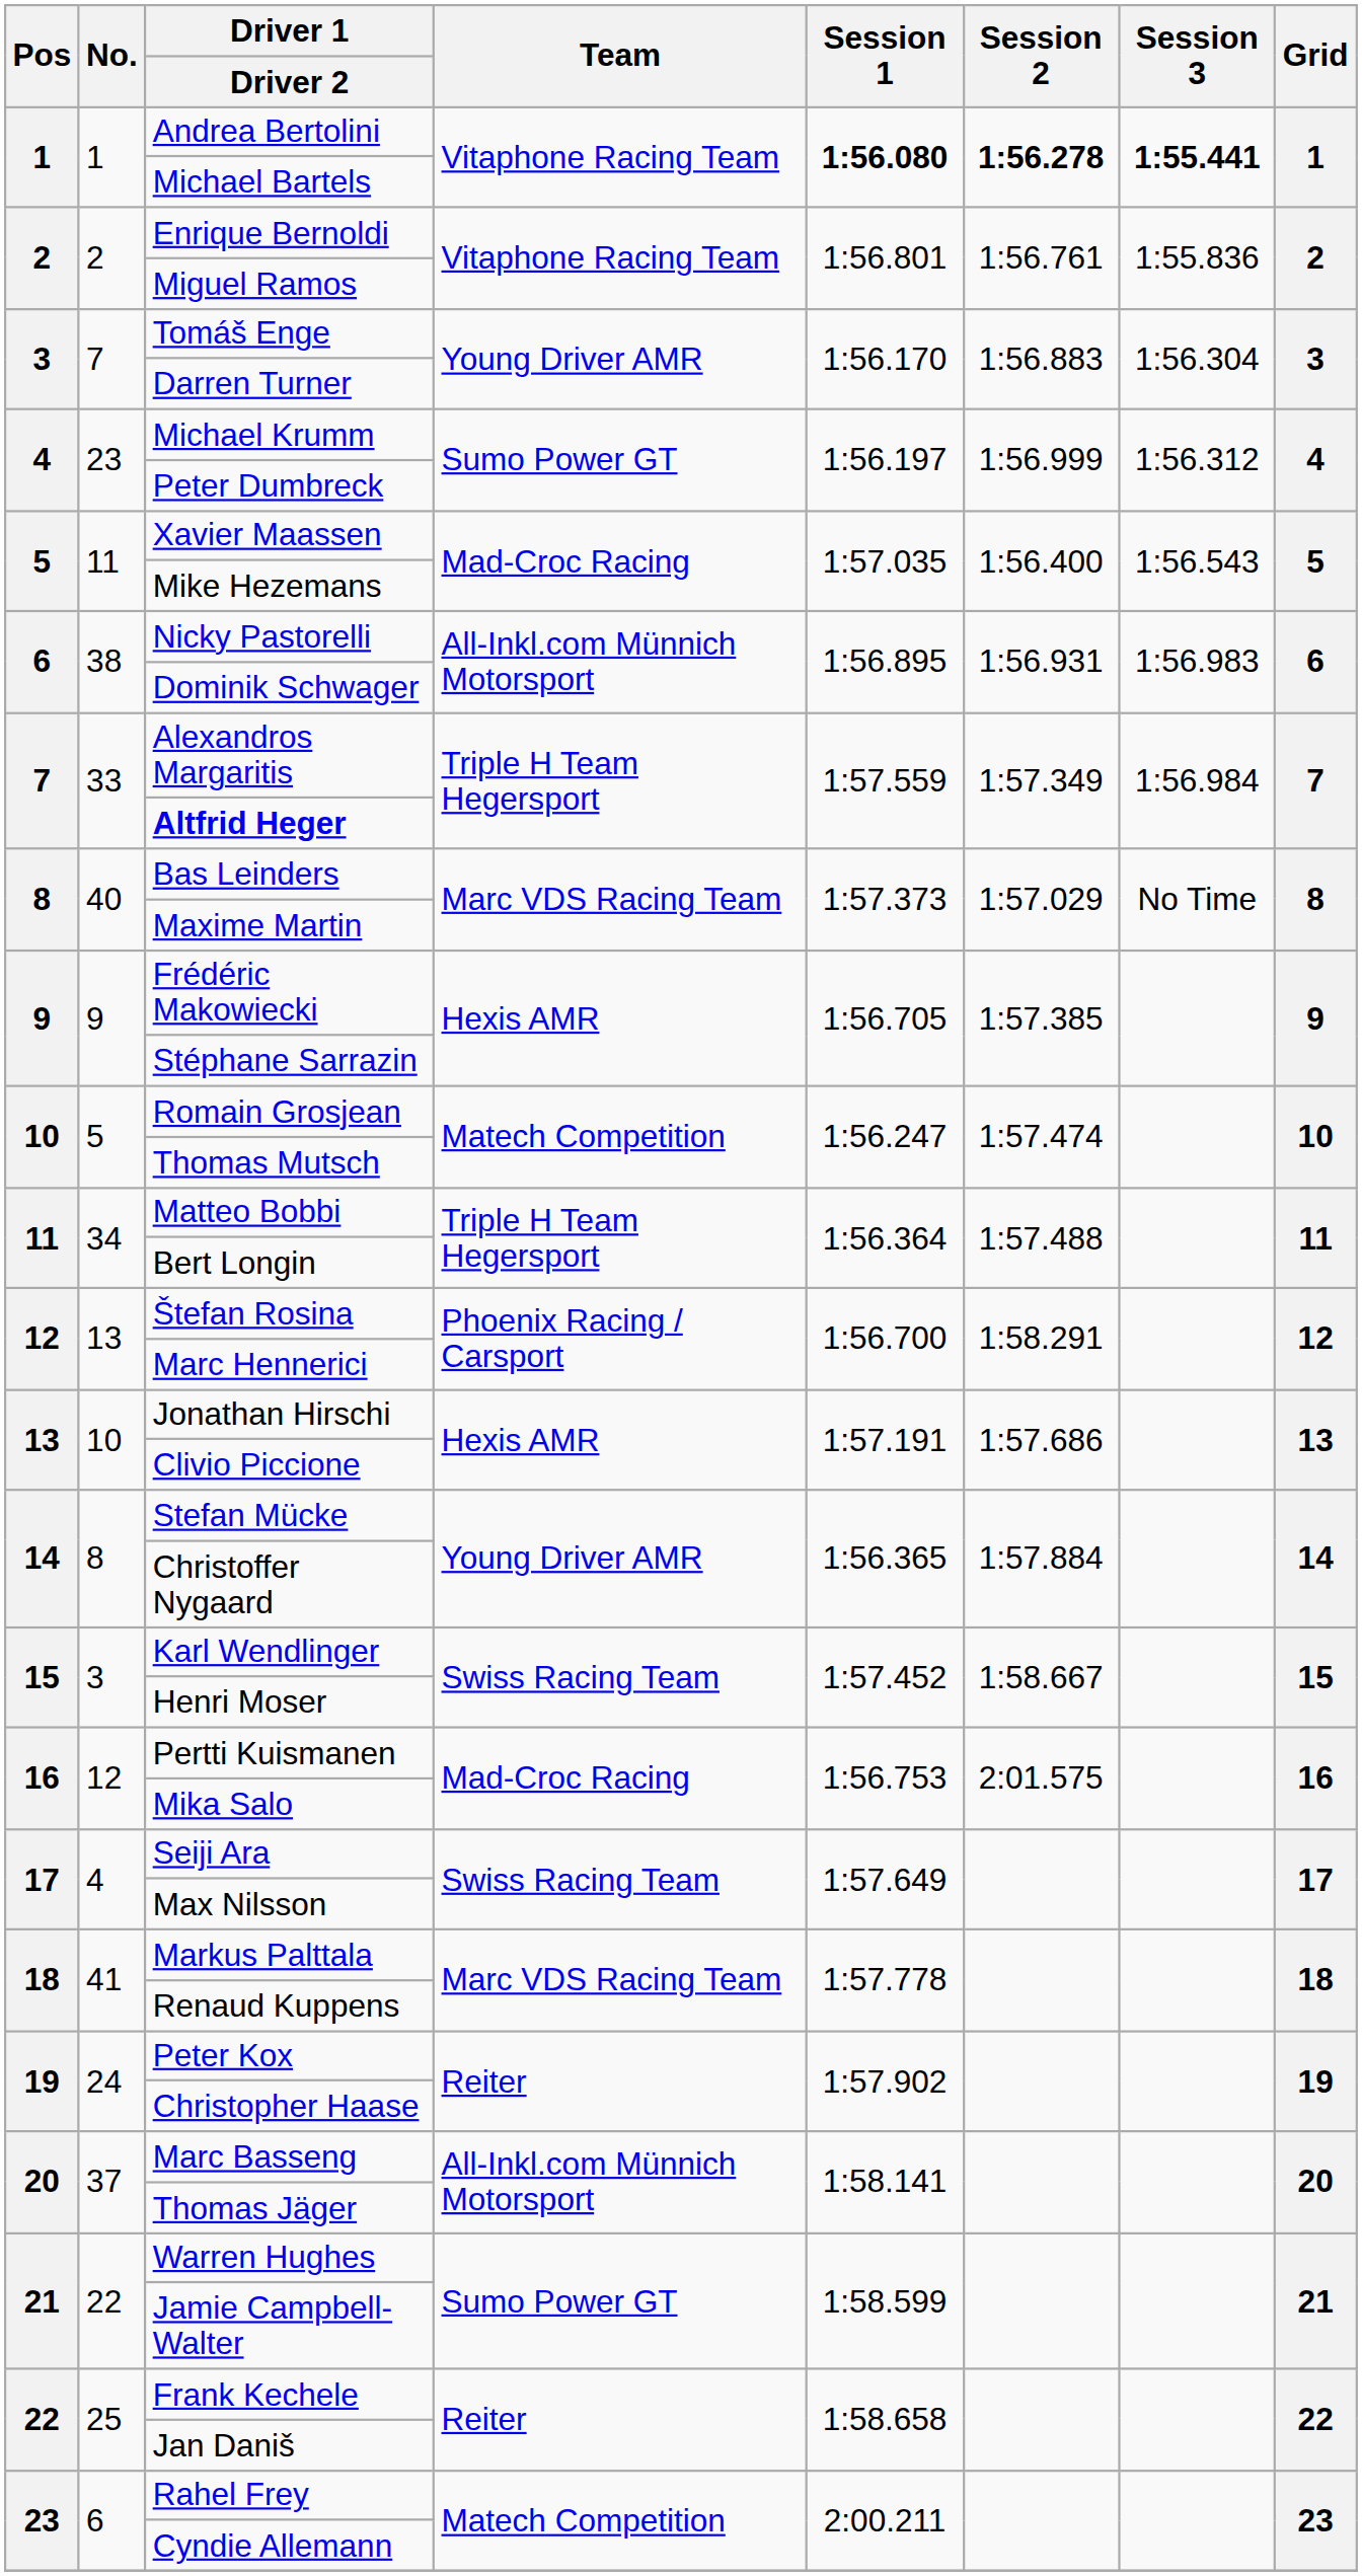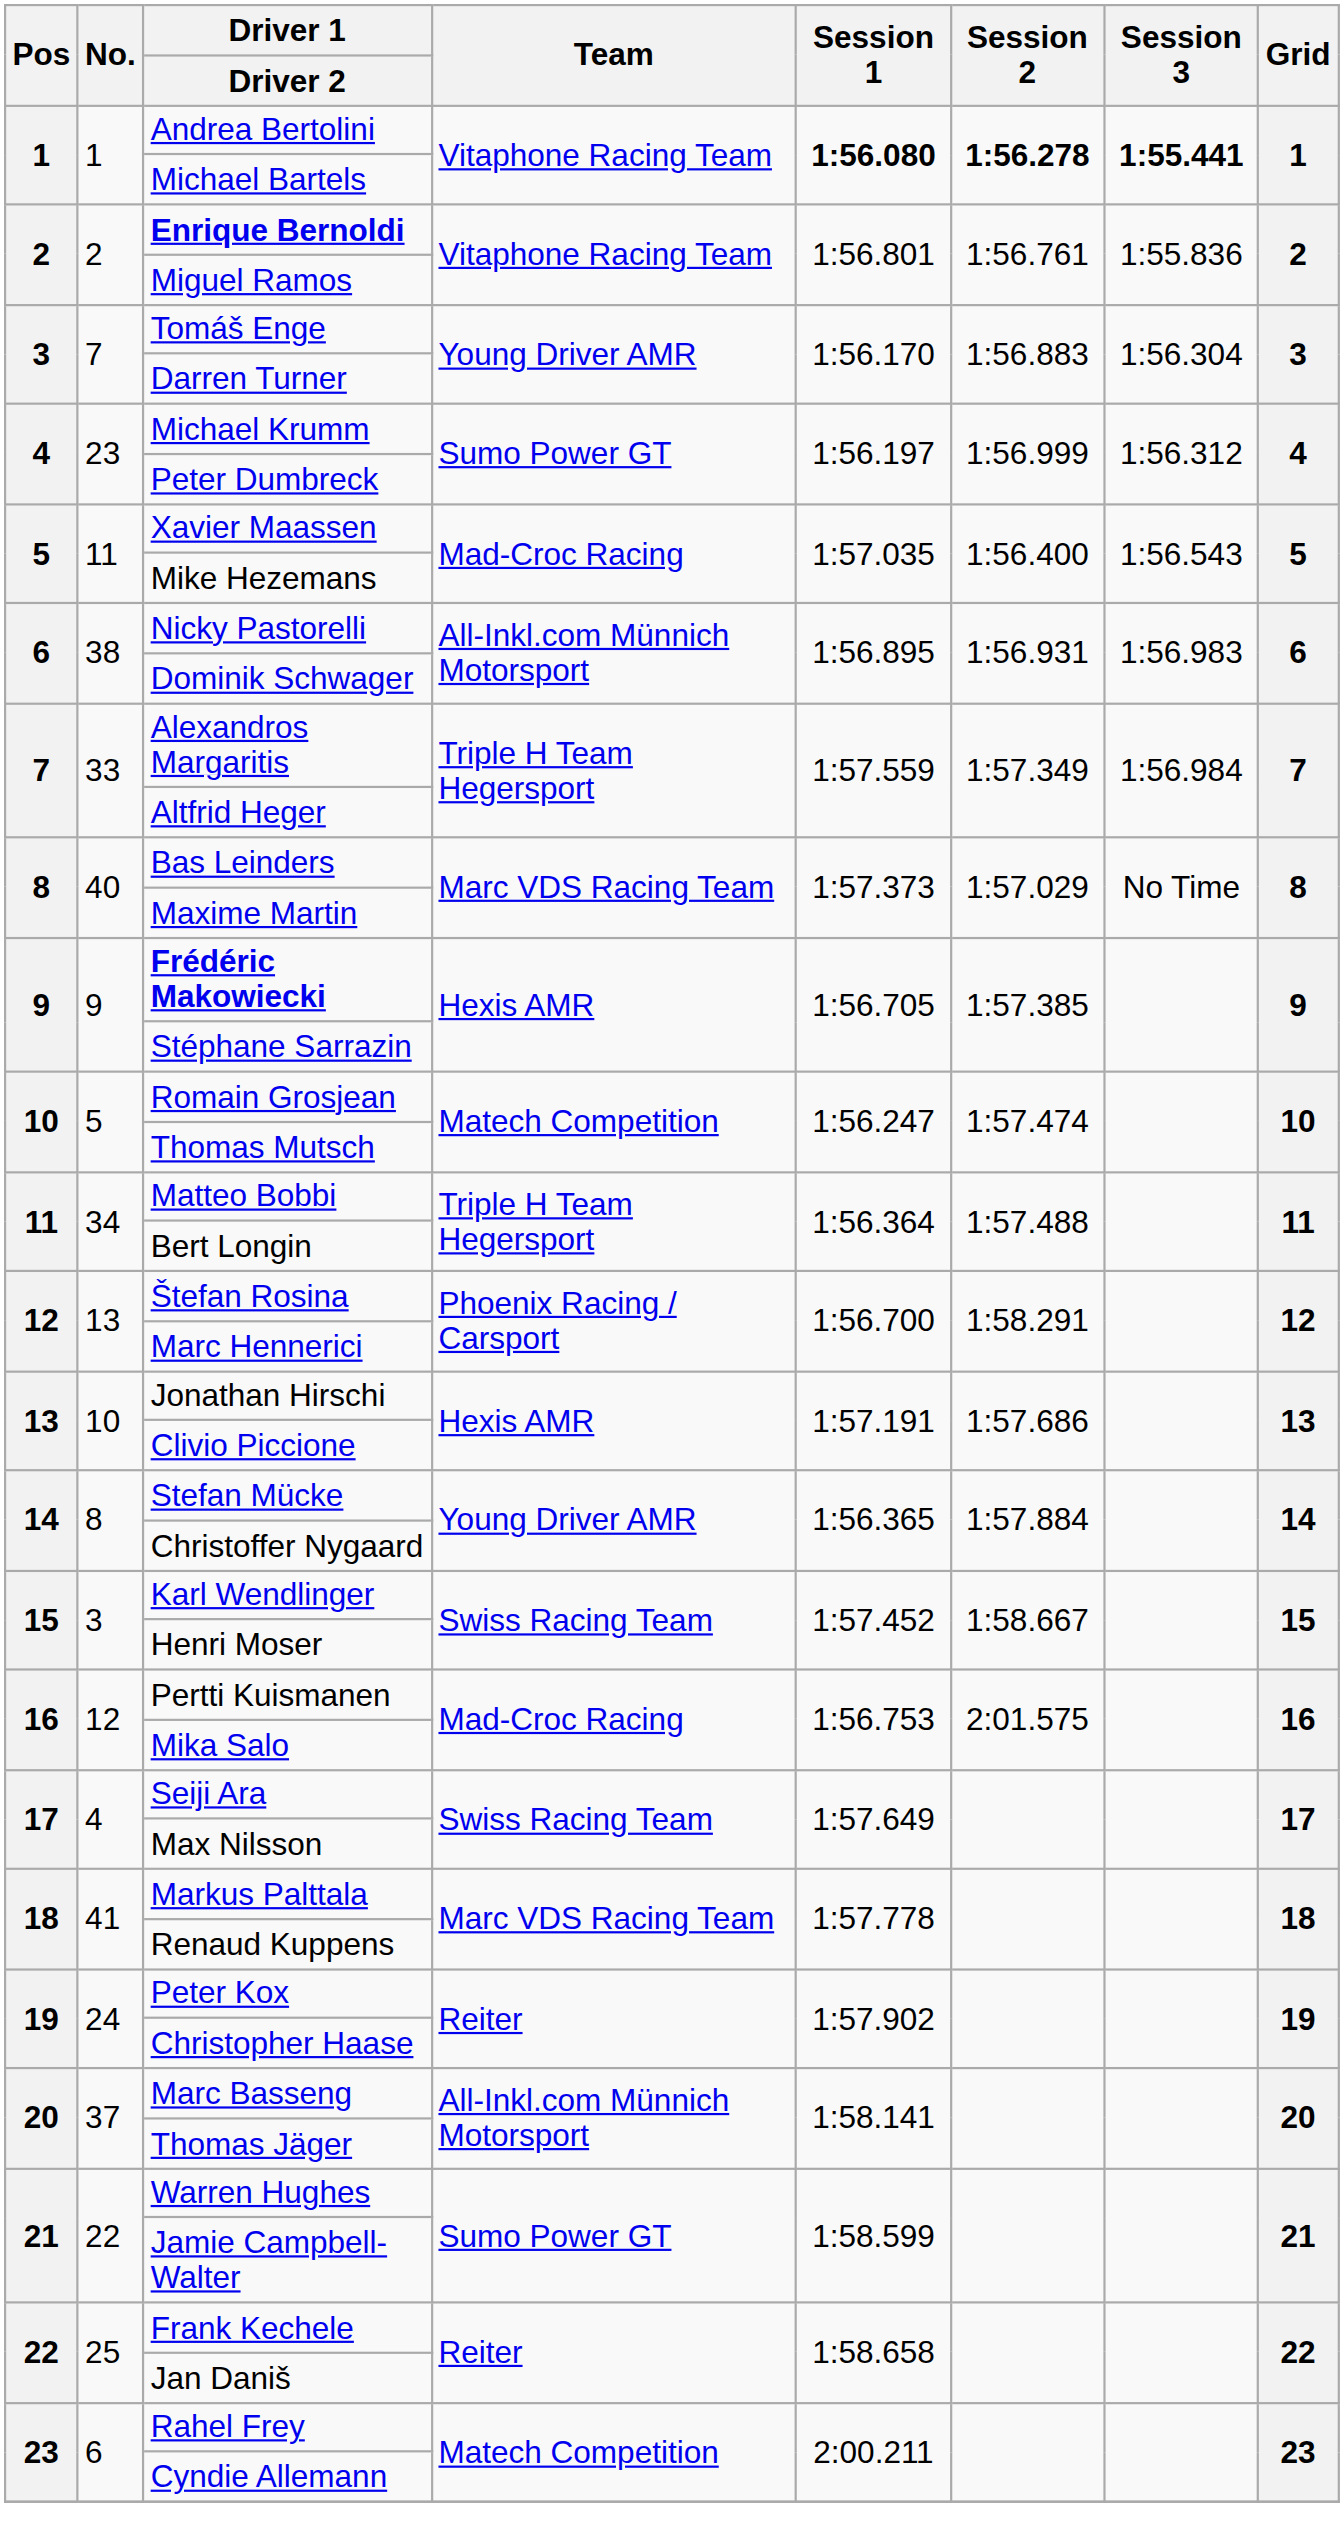 <table class="wikitable" style="font-size: 90%;">
 <tr>
 <th rowspan=2>Pos</th>
 <th rowspan=2>No.</th>
 <th>Driver 1</th>
 <th rowspan=2>Team</th>
 <th rowspan=2>Session 1</th>
 <th rowspan=2>Session 2</th>
 <th rowspan=2>Session 3</th>
 <th rowspan=2>Grid</th>
 </tr>
 <tr>
 <th>Driver 2</th>
 </tr>
 <tr>
 <th rowspan=2>1</th>
 <td rowspan=2>1</td>
 <td> <a href='#'>Andrea Bertolini</a></td>
 <td rowspan=2> <a href='#'>Vitaphone Racing Team</a></td>
 <td rowspan=2 align="center"><strong>1:56.080</strong></td>
 <td rowspan=2 align="center"><strong>1:56.278</strong></td>
 <td rowspan=2 align="center"><strong>1:55.441</strong></td>
 <th rowspan=2>1</th>
 </tr>
 <tr>
 <td> <a href='#'>Michael Bartels</a></td>
 </tr>
 <tr>
 <th rowspan=2>2</th>
 <td rowspan=2>2</td>
-<td> <a href='#'>Enrique Bernoldi</a></td>
+<td><strong> <a href='#'>Enrique Bernoldi</a></strong></td>
 <td rowspan=2> <a href='#'>Vitaphone Racing Team</a></td>
 <td rowspan=2 align="center">1:56.801</td>
 <td rowspan=2 align="center">1:56.761</td>
 <td rowspan=2 align="center">1:55.836</td>
 <th rowspan=2>2</th>
 </tr>
 <tr>
 <td> <a href='#'>Miguel Ramos</a></td>
 </tr>
 <tr>
 <th rowspan=2>3</th>
 <td rowspan=2>7</td>
 <td> <a href='#'>Tomáš Enge</a></td>
 <td rowspan=2> <a href='#'>Young Driver AMR</a></td>
 <td rowspan=2 align="center">1:56.170</td>
 <td rowspan=2 align="center">1:56.883</td>
 <td rowspan=2 align="center">1:56.304</td>
 <th rowspan=2>3</th>
 </tr>
 <tr>
 <td> <a href='#'>Darren Turner</a></td>
 </tr>
 <tr>
 <th rowspan=2>4</th>
 <td rowspan=2>23</td>
 <td> <a href='#'>Michael Krumm</a></td>
 <td rowspan=2> <a href='#'>Sumo Power GT</a></td>
 <td rowspan=2 align="center">1:56.197</td>
 <td rowspan=2 align="center">1:56.999</td>
 <td rowspan=2 align="center">1:56.312</td>
 <th rowspan=2>4</th>
 </tr>
 <tr>
 <td> <a href='#'>Peter Dumbreck</a></td>
 </tr>
 <tr>
 <th rowspan=2>5</th>
 <td rowspan=2>11</td>
 <td> <a href='#'>Xavier Maassen</a></td>
 <td rowspan=2> <a href='#'>Mad-Croc Racing</a></td>
 <td rowspan=2 align="center">1:57.035</td>
 <td rowspan=2 align="center">1:56.400</td>
 <td rowspan=2 align="center">1:56.543</td>
 <th rowspan=2>5</th>
 </tr>
 <tr>
 <td> Mike Hezemans</td>
 </tr>
 <tr>
 <th rowspan=2>6</th>
 <td rowspan=2>38</td>
 <td> <a href='#'>Nicky Pastorelli</a></td>
 <td rowspan=2> <a href='#'>All-Inkl.com Münnich Motorsport</a></td>
 <td rowspan=2 align="center">1:56.895</td>
 <td rowspan=2 align="center">1:56.931</td>
 <td rowspan=2 align="center">1:56.983</td>
 <th rowspan=2>6</th>
 </tr>
 <tr>
 <td> <a href='#'>Dominik Schwager</a></td>
 </tr>
 <tr>
 <th rowspan=2>7</th>
 <td rowspan=2>33</td>
 <td> <a href='#'>Alexandros Margaritis</a></td>
 <td rowspan=2> <a href='#'>Triple H Team Hegersport</a></td>
 <td rowspan=2 align="center">1:57.559</td>
 <td rowspan=2 align="center">1:57.349</td>
 <td rowspan=2 align="center">1:56.984</td>
 <th rowspan=2>7</th>
 </tr>
 <tr>
-<td><strong> <a href='#'>Altfrid Heger</a></strong></td>
+<td> <a href='#'>Altfrid Heger</a></td>
 </tr>
 <tr>
 <th rowspan=2>8</th>
 <td rowspan=2>40</td>
 <td> <a href='#'>Bas Leinders</a></td>
 <td rowspan=2> <a href='#'>Marc VDS Racing Team</a></td>
 <td rowspan=2 align="center">1:57.373</td>
 <td rowspan=2 align="center">1:57.029</td>
 <td rowspan=2 align="center">No Time</td>
 <th rowspan=2>8</th>
 </tr>
 <tr>
 <td> <a href='#'>Maxime Martin</a></td>
 </tr>
 <tr>
 <th rowspan=2>9</th>
 <td rowspan=2>9</td>
-<td> <a href='#'>Frédéric Makowiecki</a></td>
+<td><strong> <a href='#'>Frédéric Makowiecki</a></strong></td>
 <td rowspan=2> <a href='#'>Hexis AMR</a></td>
 <td rowspan=2 align="center">1:56.705</td>
 <td rowspan=2 align="center">1:57.385</td>
 <td rowspan=2 align="center"></td>
 <th rowspan=2>9</th>
 </tr>
 <tr>
 <td> <a href='#'>Stéphane Sarrazin</a></td>
 </tr>
 <tr>
 <th rowspan=2>10</th>
 <td rowspan=2>5</td>
 <td> <a href='#'>Romain Grosjean</a></td>
 <td rowspan=2> <a href='#'>Matech Competition</a></td>
 <td rowspan=2 align="center">1:56.247</td>
 <td rowspan=2 align="center">1:57.474</td>
 <td rowspan=2 align="center"></td>
 <th rowspan=2>10</th>
 </tr>
 <tr>
 <td> <a href='#'>Thomas Mutsch</a></td>
 </tr>
 <tr>
 <th rowspan=2>11</th>
 <td rowspan=2>34</td>
 <td> <a href='#'>Matteo Bobbi</a></td>
 <td rowspan=2> <a href='#'>Triple H Team Hegersport</a></td>
 <td rowspan=2 align="center">1:56.364</td>
 <td rowspan=2 align="center">1:57.488</td>
 <td rowspan=2 align="center"></td>
 <th rowspan=2>11</th>
 </tr>
 <tr>
 <td> Bert Longin</td>
 </tr>
 <tr>
 <th rowspan=2>12</th>
 <td rowspan=2>13</td>
 <td> <a href='#'>Štefan Rosina</a></td>
 <td rowspan=2> <a href='#'>Phoenix Racing / Carsport</a></td>
 <td rowspan=2 align="center">1:56.700</td>
 <td rowspan=2 align="center">1:58.291</td>
 <td rowspan=2 align="center"></td>
 <th rowspan=2>12</th>
 </tr>
 <tr>
 <td> <a href='#'>Marc Hennerici</a></td>
 </tr>
 <tr>
 <th rowspan=2>13</th>
 <td rowspan=2>10</td>
 <td> Jonathan Hirschi</td>
 <td rowspan=2> <a href='#'>Hexis AMR</a></td>
 <td rowspan=2 align="center">1:57.191</td>
 <td rowspan=2 align="center">1:57.686</td>
 <td rowspan=2 align="center"></td>
 <th rowspan=2>13</th>
 </tr>
 <tr>
 <td> <a href='#'>Clivio Piccione</a></td>
 </tr>
 <tr>
 <th rowspan=2>14</th>
 <td rowspan=2>8</td>
 <td> <a href='#'>Stefan Mücke</a></td>
 <td rowspan=2> <a href='#'>Young Driver AMR</a></td>
 <td rowspan=2 align="center">1:56.365</td>
 <td rowspan=2 align="center">1:57.884</td>
 <td rowspan=2 align="center"></td>
 <th rowspan=2>14</th>
 </tr>
 <tr>
 <td> Christoffer Nygaard</td>
 </tr>
 <tr>
 <th rowspan=2>15</th>
 <td rowspan=2>3</td>
 <td> <a href='#'>Karl Wendlinger</a></td>
 <td rowspan=2> <a href='#'>Swiss Racing Team</a></td>
 <td rowspan=2 align="center">1:57.452</td>
 <td rowspan=2 align="center">1:58.667</td>
 <td rowspan=2 align="center"></td>
 <th rowspan=2>15</th>
 </tr>
 <tr>
 <td> Henri Moser</td>
 </tr>
 <tr>
 <th rowspan=2>16</th>
 <td rowspan=2>12</td>
 <td> Pertti Kuismanen</td>
 <td rowspan=2> <a href='#'>Mad-Croc Racing</a></td>
 <td rowspan=2 align="center">1:56.753</td>
 <td rowspan=2 align="center">2:01.575</td>
 <td rowspan=2 align="center"></td>
 <th rowspan=2>16</th>
 </tr>
 <tr>
 <td> <a href='#'>Mika Salo</a></td>
 </tr>
 <tr>
 <th rowspan=2>17</th>
 <td rowspan=2>4</td>
 <td> <a href='#'>Seiji Ara</a></td>
 <td rowspan=2> <a href='#'>Swiss Racing Team</a></td>
 <td rowspan=2 align="center">1:57.649</td>
 <td rowspan=2 align="center"></td>
 <td rowspan=2 align="center"></td>
 <th rowspan=2>17</th>
 </tr>
 <tr>
 <td> Max Nilsson</td>
 </tr>
 <tr>
 <th rowspan=2>18</th>
 <td rowspan=2>41</td>
 <td> <a href='#'>Markus Palttala</a></td>
 <td rowspan=2> <a href='#'>Marc VDS Racing Team</a></td>
 <td rowspan=2 align="center">1:57.778</td>
 <td rowspan=2 align="center"></td>
 <td rowspan=2 align="center"></td>
 <th rowspan=2>18</th>
 </tr>
 <tr>
 <td> Renaud Kuppens</td>
 </tr>
 <tr>
 <th rowspan=2>19</th>
 <td rowspan=2>24</td>
 <td> <a href='#'>Peter Kox</a></td>
 <td rowspan=2> <a href='#'>Reiter</a></td>
 <td rowspan=2 align="center">1:57.902</td>
 <td rowspan=2 align="center"></td>
 <td rowspan=2 align="center"></td>
 <th rowspan=2>19</th>
 </tr>
 <tr>
 <td> <a href='#'>Christopher Haase</a></td>
 </tr>
 <tr>
 <th rowspan=2>20</th>
 <td rowspan=2>37</td>
 <td> <a href='#'>Marc Basseng</a></td>
 <td rowspan=2> <a href='#'>All-Inkl.com Münnich Motorsport</a></td>
 <td rowspan=2 align="center">1:58.141</td>
 <td rowspan=2 align="center"></td>
 <td rowspan=2 align="center"></td>
 <th rowspan=2>20</th>
 </tr>
 <tr>
 <td> <a href='#'>Thomas Jäger</a></td>
 </tr>
 <tr>
 <th rowspan=2>21</th>
 <td rowspan=2>22</td>
 <td> <a href='#'>Warren Hughes</a></td>
 <td rowspan=2> <a href='#'>Sumo Power GT</a></td>
 <td rowspan=2 align="center">1:58.599</td>
 <td rowspan=2 align="center"></td>
 <td rowspan=2 align="center"></td>
 <th rowspan=2>21</th>
 </tr>
 <tr>
 <td> <a href='#'>Jamie Campbell-Walter</a></td>
 </tr>
 <tr>
 <th rowspan=2>22</th>
 <td rowspan=2>25</td>
 <td> <a href='#'>Frank Kechele</a></td>
 <td rowspan=2> <a href='#'>Reiter</a></td>
 <td rowspan=2 align="center">1:58.658</td>
 <td rowspan=2 align="center"></td>
 <td rowspan=2 align="center"></td>
 <th rowspan=2>22</th>
 </tr>
 <tr>
 <td> Jan Daniš</td>
 </tr>
 <tr>
 <th rowspan=2>23</th>
 <td rowspan=2>6</td>
 <td> <a href='#'>Rahel Frey</a></td>
 <td rowspan=2> <a href='#'>Matech Competition</a></td>
 <td rowspan=2 align="center">2:00.211</td>
 <td rowspan=2 align="center"></td>
 <td rowspan=2 align="center"></td>
 <th rowspan=2>23</th>
 </tr>
 <tr>
 <td> <a href='#'>Cyndie Allemann</a></td>
 </tr>
 <tr>
 </tr>
 </table>
